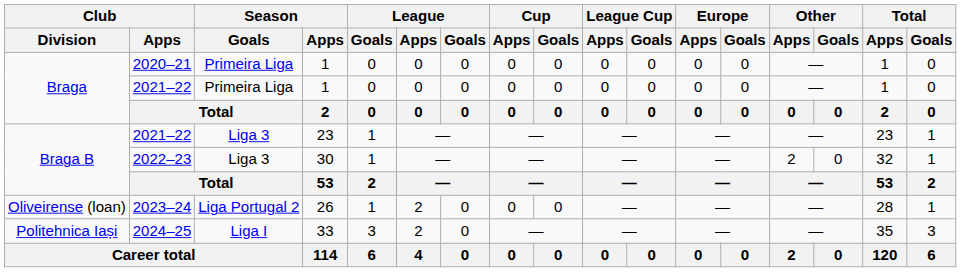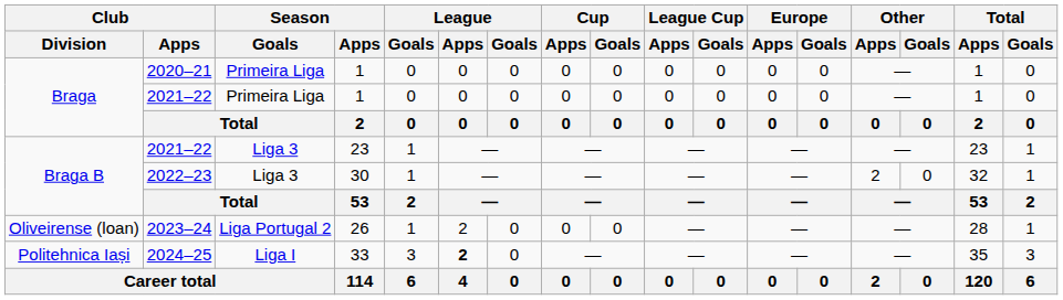 <table class="wikitable" style="text-align:center">
 <tr>
 <th colspan="2">Club</th>
 <th colspan="2">Season</th>
 <th colspan="3">League</th>
 <th colspan="2">Cup</th>
 <th colspan="2">League Cup</th>
 <th colspan="2">Europe</th>
 <th colspan="2">Other</th>
 <th colspan="2">Total</th>
 </tr>
 <tr>
 <th>Division</th>
 <th>Apps</th>
 <th>Goals</th>
 <th>Apps</th>
 <th>Goals</th>
 <th>Apps</th>
 <th>Goals</th>
 <th>Apps</th>
 <th>Goals</th>
 <th>Apps</th>
 <th>Goals</th>
 <th>Apps</th>
 <th>Goals</th>
 <th>Apps</th>
 <th>Goals</th>
 <th>Apps</th>
 <th>Goals</th>
 </tr>
 <tr>
 <td rowspan="3"><a href='#'>Braga</a></td>
 <td><a href='#'>2020–21</a></td>
 <td><a href='#'>Primeira Liga</a></td>
 <td>1</td>
 <td>0</td>
 <td>0</td>
 <td>0</td>
 <td>0</td>
 <td>0</td>
 <td>0</td>
 <td>0</td>
 <td>0</td>
 <td>0</td>
 <td colspan="2">—</td>
 <td>1</td>
 <td>0</td>
 </tr>
 <tr>
 <td><a href='#'>2021–22</a></td>
 <td>Primeira Liga</td>
 <td>1</td>
 <td>0</td>
 <td>0</td>
 <td>0</td>
 <td>0</td>
 <td>0</td>
 <td>0</td>
 <td>0</td>
 <td>0</td>
 <td>0</td>
 <td colspan="2">—</td>
 <td>1</td>
 <td>0</td>
 </tr>
 <tr>
 <th colspan="2">Total</th>
 <th>2</th>
 <th>0</th>
 <th>0</th>
 <th>0</th>
 <th>0</th>
 <th>0</th>
 <th>0</th>
 <th>0</th>
 <th>0</th>
 <th>0</th>
 <th>0</th>
 <th>0</th>
 <th>2</th>
 <th>0</th>
 </tr>
 <tr>
 <td rowspan="3"><a href='#'>Braga B</a></td>
 <td><a href='#'>2021–22</a></td>
 <td><a href='#'>Liga 3</a></td>
 <td>23</td>
 <td>1</td>
 <td colspan="2">—</td>
 <td colspan="2">—</td>
 <td colspan="2">—</td>
 <td colspan="2">—</td>
 <td colspan="2">—</td>
 <td>23</td>
 <td>1</td>
 </tr>
 <tr>
 <td><a href='#'>2022–23</a></td>
 <td>Liga 3</td>
 <td>30</td>
 <td>1</td>
 <td colspan="2">—</td>
 <td colspan="2">—</td>
 <td colspan="2">—</td>
 <td colspan="2">—</td>
 <td>2</td>
 <td>0</td>
 <td>32</td>
 <td>1</td>
 </tr>
 <tr>
 <th colspan="2">Total</th>
 <th>53</th>
 <th>2</th>
 <th colspan="2">—</th>
 <th colspan="2">—</th>
 <th colspan="2">—</th>
 <th colspan="2">—</th>
 <th colspan="2">—</th>
 <th>53</th>
 <th>2</th>
 </tr>
 <tr>
 <td><a href='#'>Oliveirense</a> (loan)</td>
 <td><a href='#'>2023–24</a></td>
 <td><a href='#'>Liga Portugal 2</a></td>
 <td>26</td>
 <td>1</td>
 <td>2</td>
 <td>0</td>
 <td>0</td>
 <td>0</td>
 <td colspan="2">—</td>
 <td colspan="2">—</td>
 <td colspan="2">—</td>
 <td>28</td>
 <td>1</td>
 </tr>
 <tr>
 <td><a href='#'>Politehnica Iași</a></td>
 <td><a href='#'>2024–25</a></td>
 <td><a href='#'>Liga I</a></td>
 <td>33</td>
 <td>3</td>
-<td>2</td>
+<td><strong>2</strong></td>
 <td>0</td>
 <td colspan="2">—</td>
 <td colspan="2">—</td>
 <td colspan="2">—</td>
 <td colspan="2">—</td>
 <td>35</td>
 <td>3</td>
 </tr>
 <tr>
 <th colspan="3">Career total</th>
 <th>114</th>
 <th>6</th>
 <th>4</th>
 <th>0</th>
 <th>0</th>
 <th>0</th>
 <th>0</th>
 <th>0</th>
 <th>0</th>
 <th>0</th>
 <th>2</th>
 <th>0</th>
 <th>120</th>
 <th>6</th>
 </tr>
 </table>
